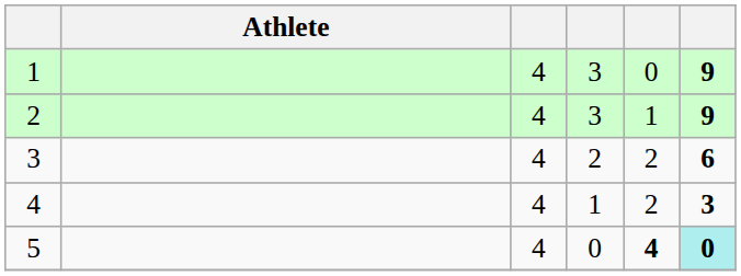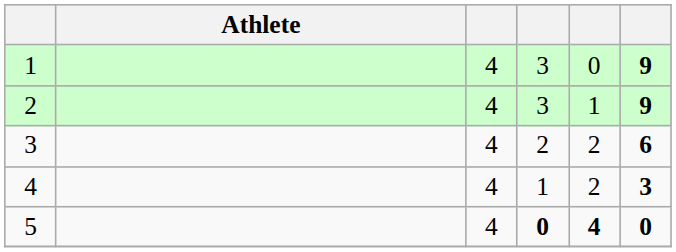 <table class="wikitable" style="text-align: center; font-size:100% ">
 <tr>
 <th width=25></th>
 <th width=250>Athlete</th>
 <th width=25></th>
 <th width=25></th>
 <th width=25></th>
 <th width=25></th>
 </tr>
 <tr bgcolor="ccffcc">
 <td>1</td>
 <td align=left></td>
 <td>4</td>
 <td>3</td>
 <td>0</td>
 <td><strong>9</strong></td>
 </tr>
 <tr bgcolor="ccffcc">
 <td>2</td>
 <td align=left></td>
 <td>4</td>
 <td>3</td>
 <td>1</td>
 <td><strong>9</strong></td>
 </tr>
 <tr>
 <td>3</td>
 <td align=left></td>
 <td>4</td>
 <td>2</td>
 <td>2</td>
 <td><strong>6</strong></td>
 </tr>
 <tr>
 <td>4</td>
 <td align=left></td>
 <td>4</td>
 <td>1</td>
 <td>2</td>
 <td><strong>3</strong></td>
 </tr>
 <tr>
 <td>5</td>
 <td align=left></td>
 <td>4</td>
-<td>0</td>
+<td><strong>0</strong></td>
 <td><strong>4</strong></td>
-<td style="background: paleturquoise;"><strong>0</strong></td>
+<td><strong>0</strong></td>
 </tr>
 <tr>
 </tr>
 </table>
